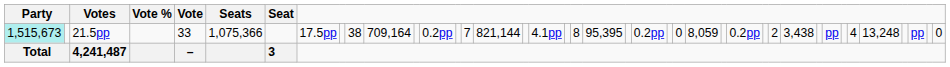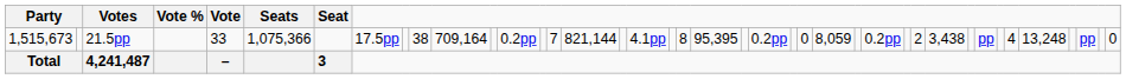 <table class=wikitable style="text-align:right;">
 <tr>
 <th colspan=2>Party</th>
 <th>Votes</th>
 <th>Vote %</th>
 <th>Vote </th>
 <th>Seats</th>
 <th>Seat </th>
 </tr>
 <tr>
-<td style="background: paleturquoise;">1,515,673</td>
+<td>1,515,673</td>
 <td style="text-align:center;"></td>
 <td style="text-align:left;"> 21.5<a href='#'>pp</a></td>
 <td style="text-align:center;"></td>
 <td style="text-align:left;"> 33<br></td>
 <td>1,075,366</td>
 <td style="text-align:center;"></td>
 <td style="text-align:left;"> 17.5<a href='#'>pp</a></td>
 <td style="text-align:center;"></td>
 <td style="text-align:left;"> 38<br></td>
 <td>709,164</td>
 <td style="text-align:center;"></td>
 <td style="text-align:left;"> 0.2<a href='#'>pp</a></td>
 <td style="text-align:center;"></td>
 <td style="text-align:left;"> 7<br></td>
 <td>821,144</td>
 <td style="text-align:center;"></td>
 <td style="text-align:left;"> 4.1<a href='#'>pp</a></td>
 <td style="text-align:center;"></td>
 <td style="text-align:left;"> 8<br></td>
 <td>95,395</td>
 <td style="text-align:center;"></td>
 <td style="text-align:left;"> 0.2<a href='#'>pp</a></td>
 <td style="text-align:center;"></td>
 <td style="text-align:left;"> 0<br></td>
 <td>8,059</td>
 <td style="text-align:center;"></td>
 <td style="text-align:left;"> 0.2<a href='#'>pp</a></td>
 <td style="text-align:center;"></td>
 <td style="text-align:left;"> 2<br></td>
 <td>3,438</td>
 <td style="text-align:center;"></td>
 <td style="text-align:left;"><a href='#'>pp</a></td>
 <td style="text-align:center;"></td>
 <td style="text-align:left;"> 4<br></td>
 <td>13,248</td>
 <td style="text-align:center;"></td>
 <td style="text-align:left;"><a href='#'>pp</a></td>
 <td style="text-align:center;"></td>
 <td style="text-align:left;"> 0</td>
 </tr>
 <tr>
 <th colspan="2">Total</th>
 <th>4,241,487</th>
 <th></th>
 <th>–</th>
 <th></th>
 <th style="text-align:left;"> 3</th>
 </tr>
 </table>
